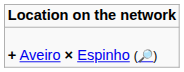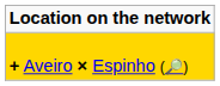 <table role="presentation" class="wikitable mw-collapsible mw-collapsed floatright">
 <tr>
 <td><strong>Location on the network</strong></td>
 </tr>
 <tr>
-<td><br><span><strong>+</strong> <a href='#'>Aveiro</a></span> <span><strong>×</strong> <a href='#'>Espinho</a></span> <small>(<a href='#'>🔎</a>)</small></td>
+<td style="background: gold;"><br><span><strong>+</strong> <a href='#'>Aveiro</a></span> <span><strong>×</strong> <a href='#'>Espinho</a></span> <small>(<a href='#'>🔎</a>)</small></td>
 </tr>
 </table>
